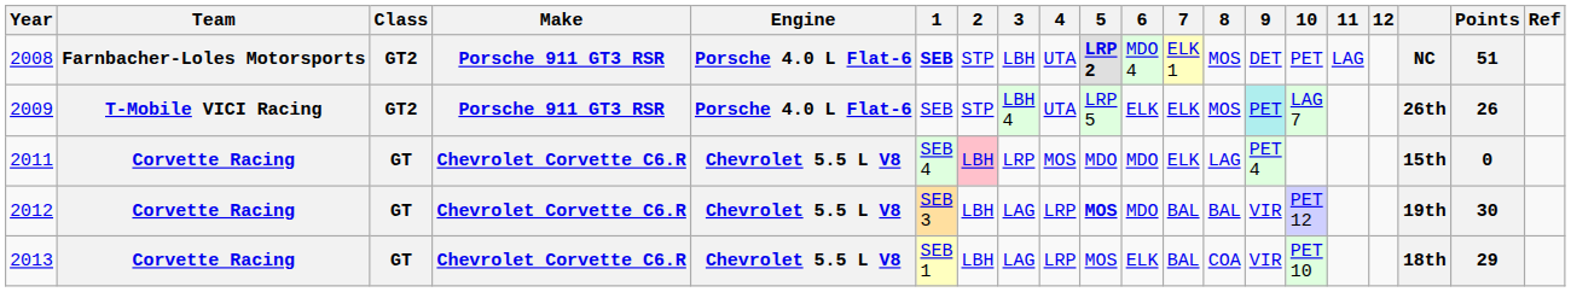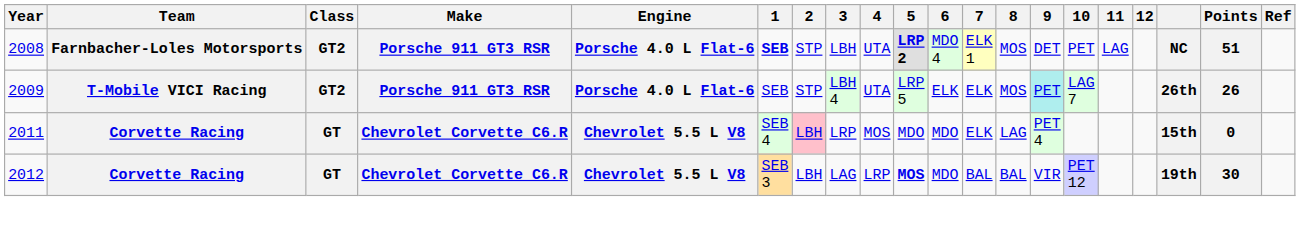 <table class="wikitable">
 <tr>
 <th>Year</th>
 <th>Team</th>
 <th>Class</th>
 <th>Make</th>
 <th>Engine</th>
 <th>1</th>
 <th>2</th>
 <th>3</th>
 <th>4</th>
 <th>5</th>
 <th>6</th>
 <th>7</th>
 <th>8</th>
 <th>9</th>
 <th>10</th>
 <th>11</th>
 <th>12</th>
 <th></th>
 <th>Points</th>
 <th>Ref</th>
 </tr>
 <tr>
 <td><a href='#'>2008</a></td>
 <th>Farnbacher-Loles Motorsports</th>
 <th>GT2</th>
 <th><a href='#'>Porsche 911 GT3 RSR</a></th>
 <th><a href='#'>Porsche</a> 4.0 L <a href='#'>Flat-6</a></th>
 <td><strong><a href='#'>SEB</a><br></strong></td>
 <td><a href='#'>STP</a><br></td>
 <td><a href='#'>LBH</a><br></td>
 <td><a href='#'>UTA</a><br></td>
 <td style="background:#DFDFDF;”"><strong><a href='#'>LRP</a><br>2</strong></td>
 <td style="background:#DFFFDF;"><a href='#'>MDO</a><br>4</td>
 <td style="background:#FFFFBF;”"><a href='#'>ELK</a><br>1</td>
 <td><a href='#'>MOS</a><br></td>
 <td><a href='#'>DET</a><br></td>
 <td><a href='#'>PET</a><br></td>
 <td><a href='#'>LAG</a><br></td>
 <td></td>
 <th>NC</th>
 <th>51</th>
 <td></td>
 </tr>
 <tr>
 <td><a href='#'>2009</a></td>
 <th><a href='#'>T-Mobile</a> VICI Racing</th>
 <th>GT2</th>
 <th><a href='#'>Porsche 911 GT3 RSR</a></th>
 <th><a href='#'>Porsche</a> 4.0 L <a href='#'>Flat-6</a></th>
 <td><a href='#'>SEB</a><br></td>
 <td><a href='#'>STP</a><br></td>
 <td style="background:#DFFFDF;"><a href='#'>LBH</a><br>4</td>
 <td><a href='#'>UTA</a><br></td>
 <td style="background:#DFFFDF;"><a href='#'>LRP</a><br>5</td>
 <td><a href='#'>ELK</a><br></td>
 <td><a href='#'>ELK</a><br></td>
 <td><a href='#'>MOS</a><br></td>
 <td style="background: paleturquoise;"><a href='#'>PET</a><br></td>
 <td style="background:#DFFFDF;"><a href='#'>LAG</a><br>7</td>
 <td></td>
 <td></td>
 <th>26th</th>
 <th>26</th>
 <td></td>
 </tr>
 <tr>
 <td><a href='#'>2011</a></td>
 <th><a href='#'>Corvette Racing</a></th>
 <th>GT</th>
 <th><a href='#'>Chevrolet Corvette C6.R</a></th>
 <th><a href='#'>Chevrolet</a> 5.5 L <a href='#'>V8</a></th>
 <td style="background:#DFFFDF;"><a href='#'>SEB</a><br>4</td>
 <td style="background: pink;"><a href='#'>LBH</a><br></td>
 <td><a href='#'>LRP</a><br></td>
 <td><a href='#'>MOS</a><br></td>
 <td><a href='#'>MDO</a><br></td>
 <td><a href='#'>MDO</a><br></td>
 <td><a href='#'>ELK</a><br></td>
 <td><a href='#'>LAG</a><br></td>
 <td style="background:#DFFFDF;"><a href='#'>PET</a><br>4</td>
 <td></td>
 <td></td>
 <td></td>
 <th>15th</th>
 <th>0</th>
 <td></td>
 </tr>
 <tr>
 <td><a href='#'>2012</a></td>
 <th><a href='#'>Corvette Racing</a></th>
 <th>GT</th>
 <th><a href='#'>Chevrolet Corvette C6.R</a></th>
 <th><a href='#'>Chevrolet</a> 5.5 L <a href='#'>V8</a></th>
 <td style="background:#FFDF9F;”"><a href='#'>SEB</a><br>3</td>
 <td><a href='#'>LBH</a><br></td>
 <td><a href='#'>LAG</a><br></td>
 <td><a href='#'>LRP</a><br></td>
 <td><strong><a href='#'>MOS</a><br></strong></td>
 <td><a href='#'>MDO</a><br></td>
 <td><a href='#'>BAL</a><br></td>
 <td><a href='#'>BAL</a><br></td>
 <td><a href='#'>VIR</a><br></td>
 <td style="background:#CFCFFF;”"><a href='#'>PET</a><br>12</td>
 <td></td>
 <td></td>
 <th>19th</th>
 <th>30</th>
 <td></td>
 </tr>
-<tr>
-<td><a href='#'>2013</a></td>
-<th><a href='#'>Corvette Racing</a></th>
-<th>GT</th>
-<th><a href='#'>Chevrolet Corvette C6.R</a></th>
-<th><a href='#'>Chevrolet</a> 5.5 L <a href='#'>V8</a></th>
-<td style="background:#FFFFBF;”"><a href='#'>SEB</a><br>1</td>
-<td><a href='#'>LBH</a><br></td>
-<td><a href='#'>LAG</a><br></td>
-<td><a href='#'>LRP</a><br></td>
-<td><a href='#'>MOS</a><br></td>
-<td><a href='#'>ELK</a><br></td>
-<td><a href='#'>BAL</a><br></td>
-<td><a href='#'>COA</a><br></td>
-<td><a href='#'>VIR</a><br></td>
-<td style="background:#DFFFDF;"><a href='#'>PET</a><br>10</td>
-<td></td>
-<td></td>
-<th>18th</th>
-<th>29</th>
-<td></td>
-</tr>
 </table>
